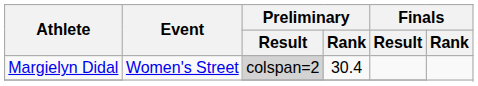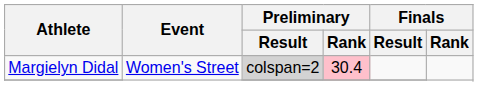 <table class=wikitable  style="font-size:90%">
 <tr>
 <th rowspan=2>Athlete</th>
 <th rowspan=2>Event</th>
 <th colspan=2>Preliminary</th>
 <th colspan=2>Finals</th>
 </tr>
 <tr>
 <th>Result</th>
 <th>Rank</th>
 <th>Result</th>
 <th>Rank</th>
 </tr>
 <tr>
 <td><a href='#'>Margielyn Didal</a></td>
 <td rowspan=2><a href='#'>Women's Street</a></td>
 <td style="background: lightgrey;">colspan=2</td>
-<td align=center>30.4</td>
+<td align=center style="background: pink;">30.4</td>
 <td align=center></td>
 </tr>
 <tr>
 </tr>
 </table>
